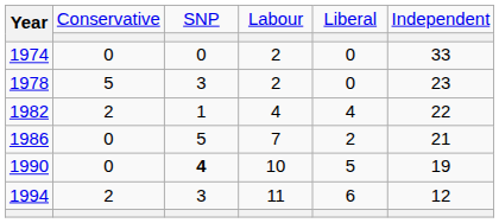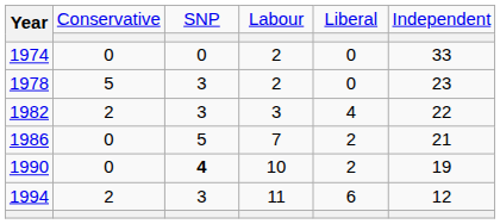 <table class=wikitable style=text-align:center>
 <tr>
 <th rowspan=2>Year</th>
 <td width="60"><a href='#'>Conservative</a></td>
 <td width="60"><a href='#'>SNP</a></td>
 <td width="60"><a href='#'>Labour</a></td>
 <td width="60"><a href='#'>Liberal</a></td>
 <td width="60"><a href='#'>Independent</a></td>
 </tr>
 <tr>
 <th style="background-color: "></th>
 <th style="background-color: "></th>
 <th style="background-color: "></th>
 <th style="background-color: "></th>
 <th style="background-color: "></th>
 </tr>
 <tr>
 <td><a href='#'>1974</a></td>
 <td>0</td>
 <td>0</td>
 <td>2</td>
 <td>0</td>
 <td>33</td>
 </tr>
 <tr>
 <td><a href='#'>1978</a></td>
 <td>5</td>
 <td>3</td>
 <td>2</td>
 <td>0</td>
 <td>23</td>
 </tr>
 <tr>
 <td><a href='#'>1982</a></td>
 <td>2</td>
-<td>1</td>
-<td>4</td>
+<td>3</td>
+<td>3</td>
 <td>4</td>
 <td>22</td>
 </tr>
 <tr>
 <td><a href='#'>1986</a></td>
 <td>0</td>
 <td>5</td>
 <td>7</td>
 <td>2</td>
 <td>21</td>
 </tr>
 <tr>
 <td><a href='#'>1990</a></td>
 <td>0</td>
 <td><strong>4</strong></td>
 <td>10</td>
-<td>5</td>
+<td>2</td>
 <td>19</td>
 </tr>
 <tr>
 <td><a href='#'>1994</a></td>
 <td>2</td>
 <td>3</td>
 <td>11</td>
 <td>6</td>
 <td>12</td>
 </tr>
 <tr>
 <th></th>
 <th style="background-color: "></th>
 <th style="background-color: "></th>
 <th style="background-color: "></th>
 <th style="background-color: "></th>
 <th style="background-color: "></th>
 </tr>
 </table>
